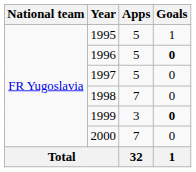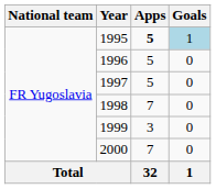 <table class="wikitable" style="text-align:center">
 <tr>
 <th>National team</th>
 <th>Year</th>
 <th>Apps</th>
 <th>Goals</th>
 </tr>
 <tr>
 <td rowspan="6"><a href='#'>FR Yugoslavia</a></td>
 <td>1995</td>
-<td>5</td>
-<td>1</td>
+<td><strong>5</strong></td>
+<td style="background: lightblue;">1</td>
 </tr>
 <tr>
 <td>1996</td>
 <td>5</td>
-<td><strong>0</strong></td>
+<td>0</td>
 </tr>
 <tr>
 <td>1997</td>
 <td>5</td>
 <td>0</td>
 </tr>
 <tr>
 <td>1998</td>
 <td>7</td>
 <td>0</td>
 </tr>
 <tr>
 <td>1999</td>
 <td>3</td>
-<td><strong>0</strong></td>
+<td>0</td>
 </tr>
 <tr>
 <td>2000</td>
 <td>7</td>
 <td>0</td>
 </tr>
 <tr>
 <th colspan="2">Total</th>
 <th>32</th>
 <th>1</th>
 </tr>
 </table>
